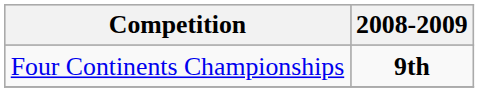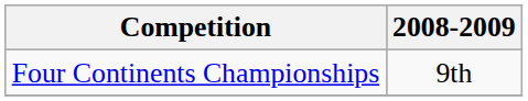 <table class="wikitable">
 <tr>
 <th>Competition</th>
 <th>2008-2009</th>
 </tr>
 <tr>
 <td><a href='#'>Four Continents Championships</a></td>
-<td align="center"><strong>9th</strong></td>
+<td align="center">9th</td>
 </tr>
 <tr>
 </tr>
 </table>
